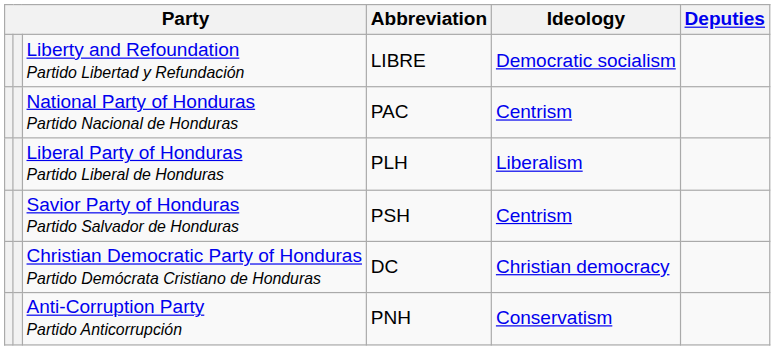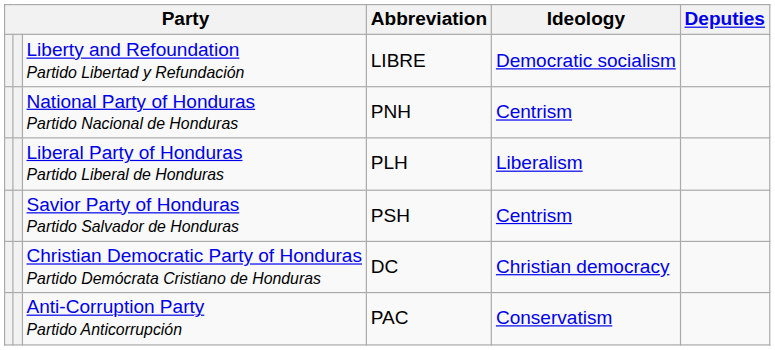 <table class="wikitable sortable">
 <tr>
 <th colspan=3>Party</th>
 <th>Abbreviation</th>
 <th>Ideology</th>
 <th><a href='#'>Deputies</a></th>
 </tr>
 <tr>
 <th></th>
 <th style="background-color:"></th>
 <td><a href='#'>Liberty and Refoundation</a><br><small><em>Partido Libertad y Refundación</em></small></td>
 <td>LIBRE</td>
 <td><a href='#'>Democratic socialism</a></td>
 <td></td>
 </tr>
 <tr>
 <th></th>
 <th style="background-color:"></th>
 <td><a href='#'>National Party of Honduras</a><br><small><em>Partido Nacional de Honduras</em></small></td>
-<td>PAC</td>
+<td>PNH</td>
 <td><a href='#'>Centrism</a></td>
 <td></td>
 </tr>
 <tr>
 <th></th>
 <th style="background-color:"></th>
 <td><a href='#'>Liberal Party of Honduras</a><br><small><em>Partido Liberal de Honduras</em></small></td>
 <td>PLH</td>
 <td><a href='#'>Liberalism</a></td>
 <td></td>
 </tr>
 <tr>
 <th></th>
 <th style="background-color:"></th>
 <td><a href='#'>Savior Party of Honduras</a><br><small><em>Partido Salvador de Honduras</em></small></td>
 <td>PSH</td>
 <td><a href='#'>Centrism</a></td>
 <td></td>
 </tr>
 <tr>
 <th></th>
 <th style="background-color:"></th>
 <td><a href='#'>Christian Democratic Party of Honduras</a><br><small><em>Partido Demócrata Cristiano de Honduras</em></small></td>
 <td>DC</td>
 <td><a href='#'>Christian democracy</a></td>
 <td></td>
 </tr>
 <tr>
 <th></th>
 <th style="background-color:"></th>
 <td><a href='#'>Anti-Corruption Party</a><br><small><em>Partido Anticorrupción</em></small></td>
-<td>PNH</td>
+<td>PAC</td>
 <td><a href='#'>Conservatism</a></td>
 <td></td>
 </tr>
 </table>
